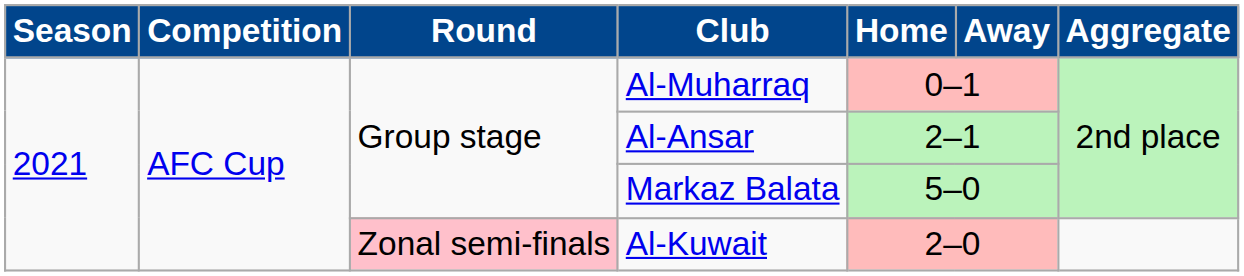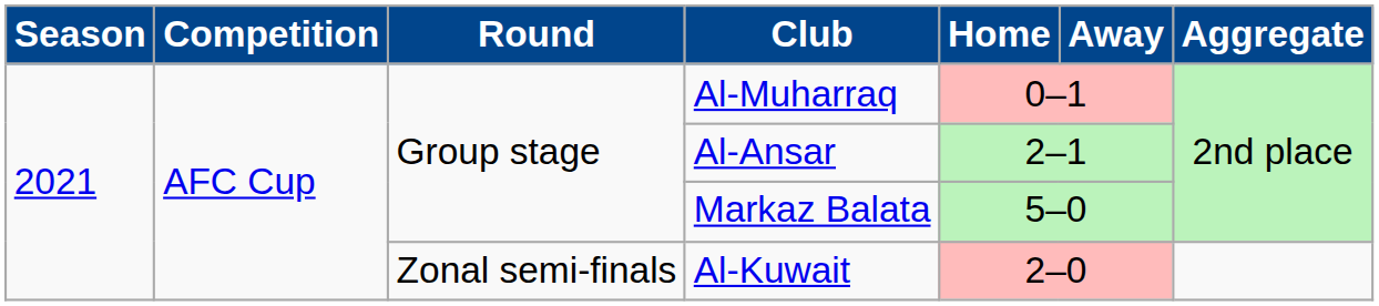 <table class="wikitable">
 <tr>
 <th style="color:#FFFFFF; background:#01458c;">Season</th>
 <th style="color:#FFFFFF; background:#01458c;">Competition</th>
 <th style="color:#FFFFFF; background:#01458c;">Round</th>
 <th style="color:#FFFFFF; background:#01458c;">Club</th>
 <th style="color:#FFFFFF; background:#01458c;">Home</th>
 <th style="color:#FFFFFF; background:#01458c;">Away</th>
 <th style="color:#FFFFFF; background:#01458c;">Aggregate</th>
 </tr>
 <tr>
 <td rowspan=4><a href='#'>2021</a></td>
 <td rowspan=4><a href='#'>AFC Cup</a></td>
 <td rowspan=3>Group stage</td>
 <td> <a href='#'>Al-Muharraq</a></td>
 <td align="center" colspan="2" style="background: #FFBBBB;">0–1</td>
 <td align="center" rowspan=3 style="background: #BBF3BB;">2nd place</td>
 </tr>
 <tr>
 <td> <a href='#'>Al-Ansar</a></td>
 <td align="center" colspan="2" style="background: #BBF3BB;">2–1</td>
 </tr>
 <tr>
 <td> <a href='#'>Markaz Balata</a></td>
 <td align="center" colspan="2" style="background: #BBF3BB;">5–0</td>
 </tr>
 <tr>
-<td style="background: pink;">Zonal semi-finals</td>
+<td>Zonal semi-finals</td>
 <td> <a href='#'>Al-Kuwait</a></td>
 <td align="center" colspan="2" style="background: #FFBBBB;">2–0</td>
 </tr>
 </table>
